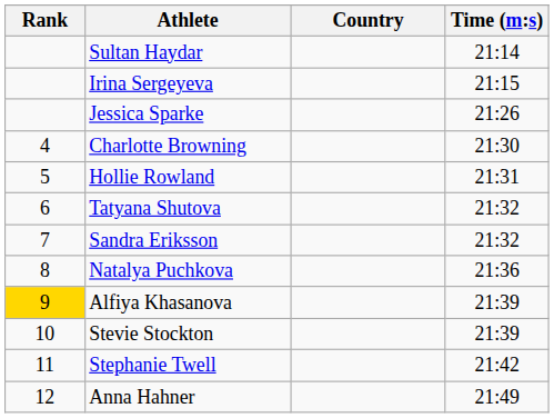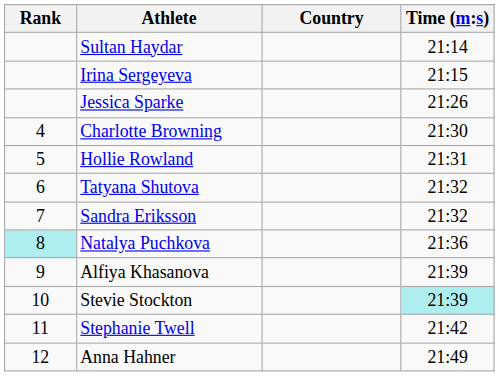 <table class="wikitable" width=50%>
 <tr>
 </tr>
 <tr>
 <th width=5%>Rank</th>
 <th width=20%>Athlete</th>
 <th width=15%>Country</th>
 <th width=10%>Time (<a href='#'>m</a>:<a href='#'>s</a>)</th>
 </tr>
 <tr align="center">
 <td></td>
 <td align="left"><a href='#'>Sultan Haydar</a></td>
 <td align="left"></td>
 <td>21:14</td>
 </tr>
 <tr align="center">
 <td></td>
 <td align="left"><a href='#'>Irina Sergeyeva</a></td>
 <td align="left"></td>
 <td>21:15</td>
 </tr>
 <tr align="center">
 <td></td>
 <td align="left"><a href='#'>Jessica Sparke</a></td>
 <td align="left"></td>
 <td>21:26</td>
 </tr>
 <tr align="center">
 <td>4</td>
 <td align="left"><a href='#'>Charlotte Browning</a></td>
 <td align="left"></td>
 <td>21:30</td>
 </tr>
 <tr align="center">
 <td>5</td>
 <td align="left"><a href='#'>Hollie Rowland</a></td>
 <td align="left"></td>
 <td>21:31</td>
 </tr>
 <tr align="center">
 <td>6</td>
 <td align="left"><a href='#'>Tatyana Shutova</a></td>
 <td align="left"></td>
 <td>21:32</td>
 </tr>
 <tr align="center">
 <td>7</td>
 <td align="left"><a href='#'>Sandra Eriksson</a></td>
 <td align="left"></td>
 <td>21:32</td>
 </tr>
 <tr align="center">
-<td>8</td>
+<td style="background: paleturquoise;">8</td>
 <td align="left"><a href='#'>Natalya Puchkova</a></td>
 <td align="left"></td>
 <td>21:36</td>
 </tr>
 <tr align="center">
-<td style="background: gold;">9</td>
+<td>9</td>
 <td align="left">Alfiya Khasanova</td>
 <td align="left"></td>
 <td>21:39</td>
 </tr>
 <tr align="center">
 <td>10</td>
 <td align="left">Stevie Stockton</td>
 <td align="left"></td>
-<td>21:39</td>
+<td style="background: paleturquoise;">21:39</td>
 </tr>
 <tr align="center">
 <td>11</td>
 <td align="left"><a href='#'>Stephanie Twell</a></td>
 <td align="left"></td>
 <td>21:42</td>
 </tr>
 <tr align="center">
 <td>12</td>
 <td align="left">Anna Hahner</td>
 <td align="left"></td>
 <td>21:49</td>
 </tr>
 </table>
